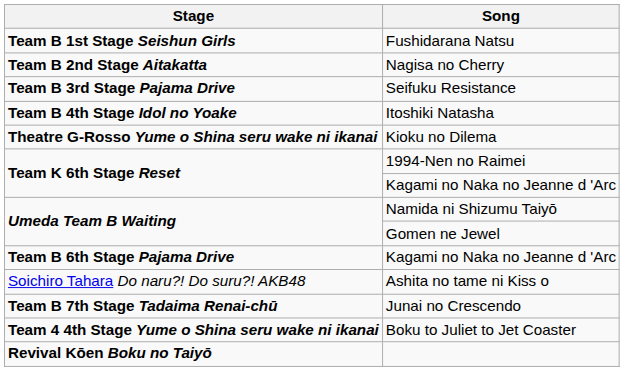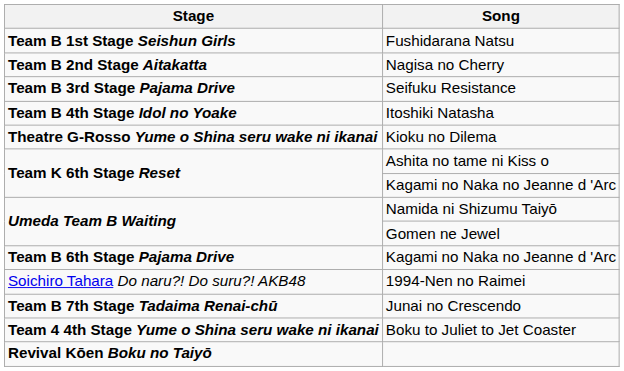 <table class="wikitable">
 <tr>
 <th>Stage</th>
 <th>Song</th>
 </tr>
 <tr>
 <td><strong>Team B 1st Stage</strong> <strong><em>Seishun Girls</em></strong></td>
 <td>Fushidarana Natsu</td>
 </tr>
 <tr>
 <td><strong>Team B 2nd Stage</strong> <strong><em>Aitakatta</em></strong></td>
 <td>Nagisa no Cherry</td>
 </tr>
 <tr>
 <td><strong>Team B 3rd Stage</strong> <strong><em>Pajama Drive</em></strong></td>
 <td>Seifuku Resistance</td>
 </tr>
 <tr>
 <td><strong>Team B 4th Stage</strong> <strong><em>Idol no Yoake</em></strong></td>
 <td>Itoshiki Natasha</td>
 </tr>
 <tr>
 <td><strong>Theatre G-Rosso</strong> <strong><em>Yume o Shina seru wake ni ikanai</em></strong></td>
 <td>Kioku no Dilema</td>
 </tr>
 <tr>
 <td rowspan="2"><strong>Team K 6th Stage</strong> <strong><em>Reset</em></strong></td>
-<td>1994-Nen no Raimei</td>
+<td>Ashita no tame ni Kiss o</td>
 </tr>
 <tr>
 <td>Kagami no Naka no Jeanne d 'Arc</td>
 </tr>
 <tr>
 <td rowspan="2"><strong><em>Umeda Team B Waiting</em></strong></td>
 <td>Namida ni Shizumu Taiyō</td>
 </tr>
 <tr>
 <td>Gomen ne Jewel</td>
 </tr>
 <tr>
 <td><strong>Team B 6th Stage</strong> <strong><em>Pajama Drive</em></strong></td>
 <td>Kagami no Naka no Jeanne d 'Arc</td>
 </tr>
 <tr>
 <td><a href='#'>Soichiro Tahara</a> <em>Do naru?! Do suru?! AKB48</em></td>
-<td>Ashita no tame ni Kiss o</td>
+<td>1994-Nen no Raimei</td>
 </tr>
 <tr>
 <td><strong>Team B 7th Stage</strong> <strong><em>Tadaima Renai-chū</em></strong></td>
 <td>Junai no Crescendo</td>
 </tr>
 <tr>
 <td><strong>Team 4 4th Stage</strong> <strong><em>Yume o Shina seru wake ni ikanai</em></strong></td>
 <td>Boku to Juliet to Jet Coaster</td>
 </tr>
 <tr>
 <td><strong>Revival Kōen</strong> <strong><em>Boku no Taiyō</em></strong></td>
 <td></td>
 </tr>
 </table>
